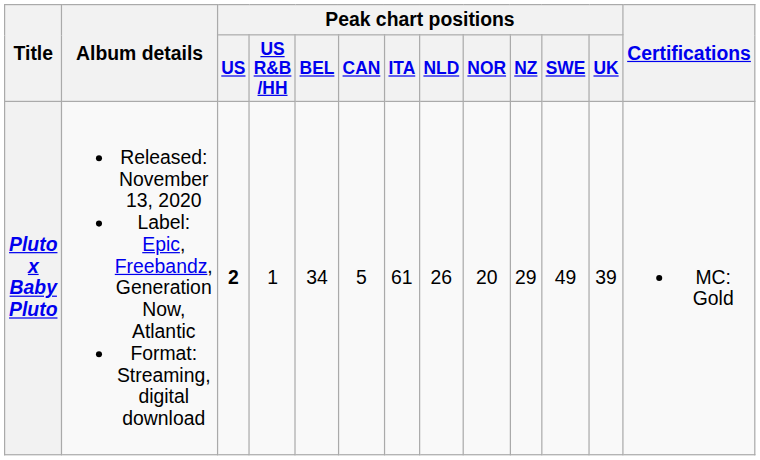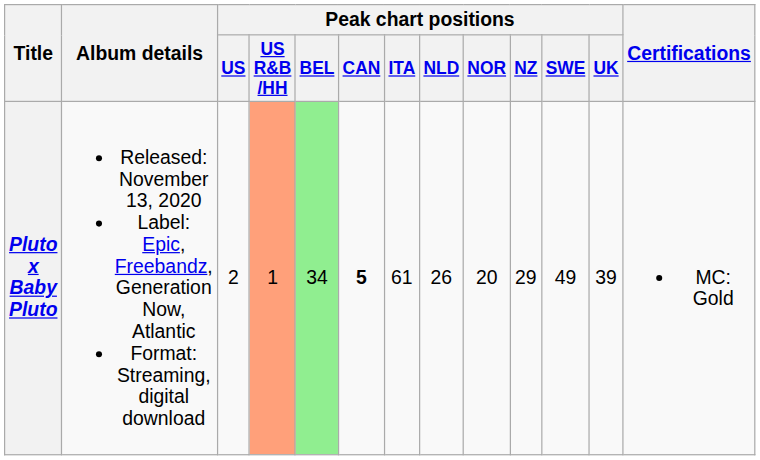 <table class="wikitable plainrowheaders" style="text-align:center;">
 <tr>
 <th scope="col" rowspan="2" style="width:10em;">Title</th>
 <th scope="col" rowspan="2" style="width:20em;">Album details</th>
 <th scope="col" colspan="10">Peak chart positions</th>
 <th scope="col" rowspan="2" style="width:11em;"><a href='#'>Certifications</a></th>
 </tr>
 <tr>
 <th scope="col" style="width:3em;font-size:90%;"><a href='#'>US</a><br></th>
 <th scope="col" style="width:3em;font-size:90%;"><a href='#'>US<br>R&B<br>/HH</a><br></th>
 <th scope="col" style="width:3em;font-size:90%;"><a href='#'>BEL</a><br></th>
 <th scope="col" style="width:3em;font-size:90%;"><a href='#'>CAN</a><br></th>
 <th scope="col" style="width:3em;font-size:90%;"><a href='#'>ITA</a><br></th>
 <th scope="col" style="width:3em;font-size:90%;"><a href='#'>NLD</a><br></th>
 <th scope="col" style="width:3em;font-size:90%;"><a href='#'>NOR</a><br></th>
 <th scope="col" style="width:3em;font-size:90%;"><a href='#'>NZ</a><br></th>
 <th scope="col" style="width:3em;font-size:90%;"><a href='#'>SWE</a><br></th>
 <th scope="col" style="width:3em;font-size:90%;"><a href='#'>UK</a><br></th>
 </tr>
 <tr>
 <th scope="row"><em><a href='#'>Pluto x Baby Pluto</a></em><br></th>
 <td><br><ul><li>Released: November 13, 2020</li><li>Label: <a href='#'>Epic</a>, <a href='#'>Freebandz</a>, Generation Now, Atlantic</li><li>Format: Streaming, digital download</li></ul></td>
-<td><strong>2</strong></td>
-<td>1</td>
-<td>34</td>
-<td>5</td>
+<td>2</td>
+<td style="background: lightsalmon;">1</td>
+<td style="background: lightgreen;">34</td>
+<td><strong>5</strong></td>
 <td>61</td>
 <td>26</td>
 <td>20</td>
 <td>29</td>
 <td>49</td>
 <td>39</td>
 <td><br><ul><li>MC: Gold</li></ul></td>
 </tr>
 </table>
